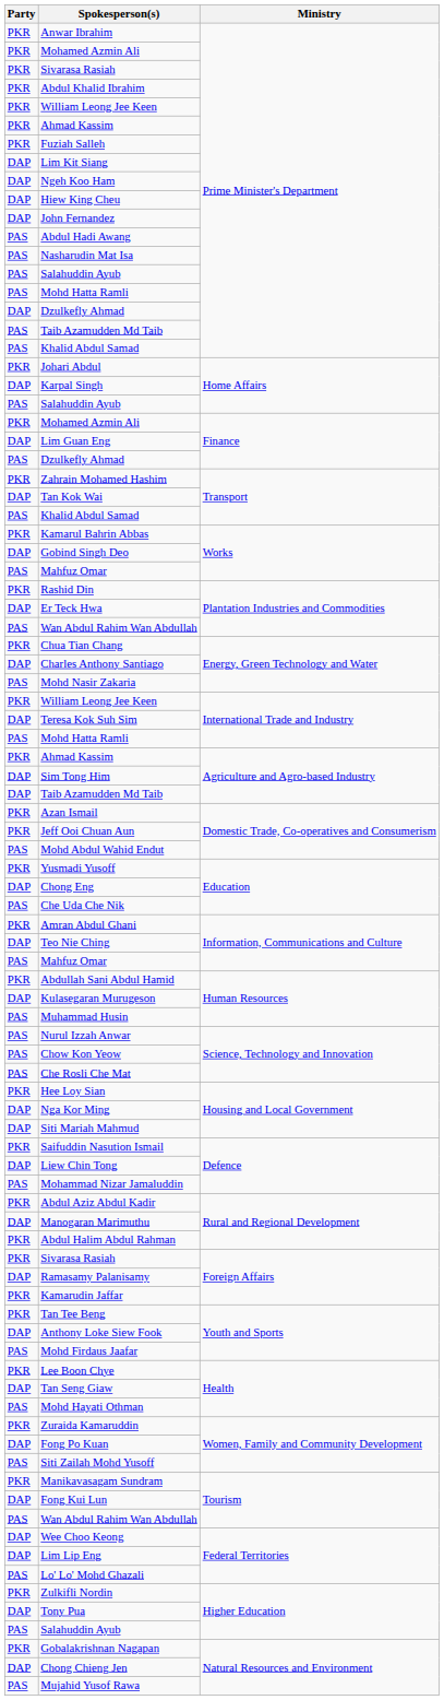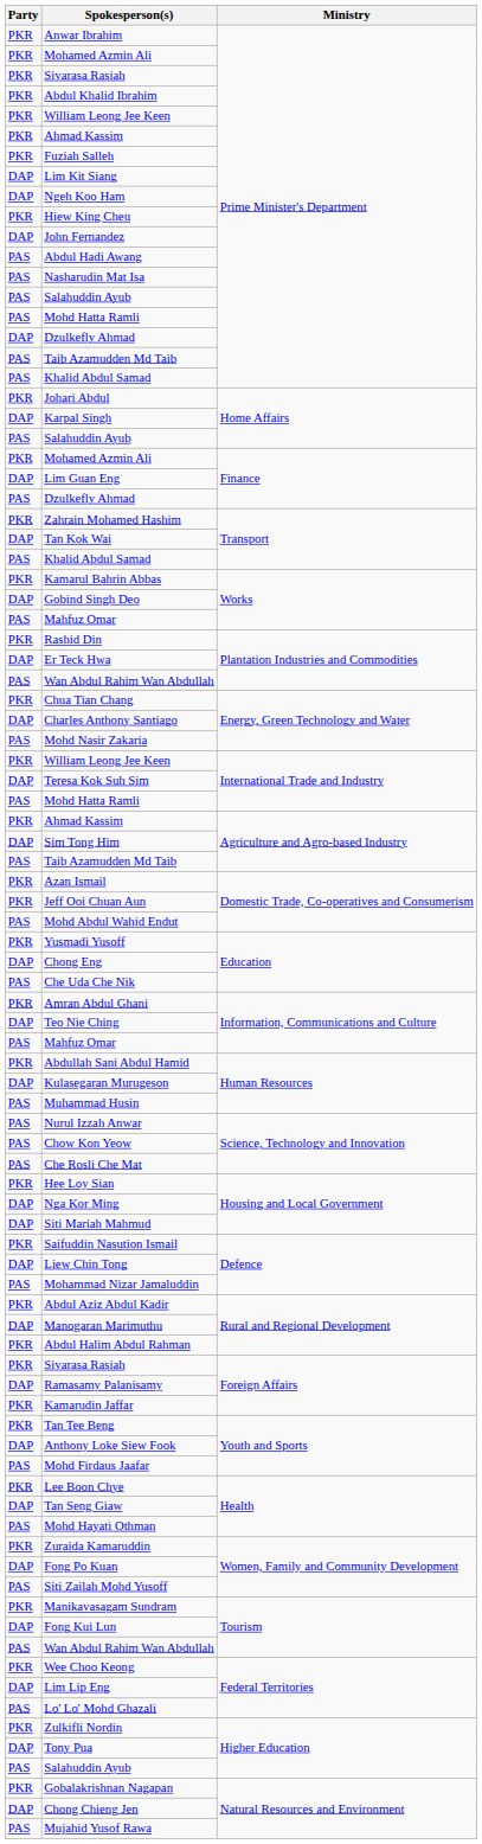 <table class="wikitable sortable">
 <tr>
 <th>Party</th>
 <th>Spokesperson(s)</th>
 <th>Ministry</th>
 </tr>
 <tr>
 <td><a href='#'>PKR</a></td>
 <td><a href='#'>Anwar Ibrahim</a></td>
 <td rowspan=18><a href='#'>Prime Minister's Department</a></td>
 </tr>
 <tr>
 <td><a href='#'>PKR</a></td>
 <td><a href='#'>Mohamed Azmin Ali</a></td>
 </tr>
 <tr>
 <td><a href='#'>PKR</a></td>
 <td><a href='#'>Sivarasa Rasiah</a></td>
 </tr>
 <tr>
 <td><a href='#'>PKR</a></td>
 <td><a href='#'>Abdul Khalid Ibrahim</a></td>
 </tr>
 <tr>
 <td><a href='#'>PKR</a></td>
 <td><a href='#'>William Leong Jee Keen</a></td>
 </tr>
 <tr>
 <td><a href='#'>PKR</a></td>
 <td><a href='#'>Ahmad Kassim</a></td>
 </tr>
 <tr>
 <td><a href='#'>PKR</a></td>
 <td><a href='#'>Fuziah Salleh</a></td>
 </tr>
 <tr>
 <td><a href='#'>DAP</a></td>
 <td><a href='#'>Lim Kit Siang</a></td>
 </tr>
 <tr>
 <td><a href='#'>DAP</a></td>
 <td><a href='#'>Ngeh Koo Ham</a></td>
 </tr>
 <tr>
-<td><a href='#'>DAP</a></td>
+<td><a href='#'>PKR</a></td>
 <td><a href='#'>Hiew King Cheu</a></td>
 </tr>
 <tr>
 <td><a href='#'>DAP</a></td>
 <td><a href='#'>John Fernandez</a></td>
 </tr>
 <tr>
 <td><a href='#'>PAS</a></td>
 <td><a href='#'>Abdul Hadi Awang</a></td>
 </tr>
 <tr>
 <td><a href='#'>PAS</a></td>
 <td><a href='#'>Nasharudin Mat Isa</a></td>
 </tr>
 <tr>
 <td><a href='#'>PAS</a></td>
 <td><a href='#'>Salahuddin Ayub</a></td>
 </tr>
 <tr>
 <td><a href='#'>PAS</a></td>
 <td><a href='#'>Mohd Hatta Ramli</a></td>
 </tr>
 <tr>
 <td><a href='#'>DAP</a></td>
 <td><a href='#'>Dzulkefly Ahmad</a></td>
 </tr>
 <tr>
 <td><a href='#'>PAS</a></td>
 <td><a href='#'>Taib Azamudden Md Taib</a></td>
 </tr>
 <tr>
 <td><a href='#'>PAS</a></td>
 <td><a href='#'>Khalid Abdul Samad</a></td>
 </tr>
 <tr>
 <td><a href='#'>PKR</a></td>
 <td><a href='#'>Johari Abdul</a></td>
 <td rowspan=3><a href='#'>Home Affairs</a></td>
 </tr>
 <tr>
 <td><a href='#'>DAP</a></td>
 <td><a href='#'>Karpal Singh</a></td>
 </tr>
 <tr>
 <td><a href='#'>PAS</a></td>
 <td><a href='#'>Salahuddin Ayub</a></td>
 </tr>
 <tr>
 <td><a href='#'>PKR</a></td>
 <td><a href='#'>Mohamed Azmin Ali</a></td>
 <td rowspan=3><a href='#'>Finance</a></td>
 </tr>
 <tr>
 <td><a href='#'>DAP</a></td>
 <td><a href='#'>Lim Guan Eng</a></td>
 </tr>
 <tr>
 <td><a href='#'>PAS</a></td>
 <td><a href='#'>Dzulkefly Ahmad</a></td>
 </tr>
 <tr>
 <td><a href='#'>PKR</a></td>
 <td><a href='#'>Zahrain Mohamed Hashim</a></td>
 <td rowspan=3><a href='#'>Transport</a></td>
 </tr>
 <tr>
 <td><a href='#'>DAP</a></td>
 <td><a href='#'>Tan Kok Wai</a></td>
 </tr>
 <tr>
 <td><a href='#'>PAS</a></td>
 <td><a href='#'>Khalid Abdul Samad</a></td>
 </tr>
 <tr>
 <td><a href='#'>PKR</a></td>
 <td><a href='#'>Kamarul Bahrin Abbas</a></td>
 <td rowspan=3><a href='#'>Works</a></td>
 </tr>
 <tr>
 <td><a href='#'>DAP</a></td>
 <td><a href='#'>Gobind Singh Deo</a></td>
 </tr>
 <tr>
 <td><a href='#'>PAS</a></td>
 <td><a href='#'>Mahfuz Omar</a></td>
 </tr>
 <tr>
 <td><a href='#'>PKR</a></td>
 <td><a href='#'>Rashid Din</a></td>
 <td rowspan=3><a href='#'>Plantation Industries and Commodities</a></td>
 </tr>
 <tr>
 <td><a href='#'>DAP</a></td>
 <td><a href='#'>Er Teck Hwa</a></td>
 </tr>
 <tr>
 <td><a href='#'>PAS</a></td>
 <td><a href='#'>Wan Abdul Rahim Wan Abdullah</a></td>
 </tr>
 <tr>
 <td><a href='#'>PKR</a></td>
 <td><a href='#'>Chua Tian Chang</a></td>
 <td rowspan=3><a href='#'>Energy, Green Technology and Water</a></td>
 </tr>
 <tr>
 <td><a href='#'>DAP</a></td>
 <td><a href='#'>Charles Anthony Santiago</a></td>
 </tr>
 <tr>
 <td><a href='#'>PAS</a></td>
 <td><a href='#'>Mohd Nasir Zakaria</a></td>
 </tr>
 <tr>
 <td><a href='#'>PKR</a></td>
 <td><a href='#'>William Leong Jee Keen</a></td>
 <td rowspan=3><a href='#'>International Trade and Industry</a></td>
 </tr>
 <tr>
 <td><a href='#'>DAP</a></td>
 <td><a href='#'>Teresa Kok Suh Sim</a></td>
 </tr>
 <tr>
 <td><a href='#'>PAS</a></td>
 <td><a href='#'>Mohd Hatta Ramli</a></td>
 </tr>
 <tr>
 <td><a href='#'>PKR</a></td>
 <td><a href='#'>Ahmad Kassim</a></td>
 <td rowspan=3><a href='#'>Agriculture and Agro-based Industry</a></td>
 </tr>
 <tr>
 <td><a href='#'>DAP</a></td>
 <td><a href='#'>Sim Tong Him</a></td>
 </tr>
 <tr>
-<td><a href='#'>DAP</a></td>
+<td><a href='#'>PAS</a></td>
 <td><a href='#'>Taib Azamudden Md Taib</a></td>
 </tr>
 <tr>
 <td><a href='#'>PKR</a></td>
 <td><a href='#'>Azan Ismail</a></td>
 <td rowspan=3><a href='#'>Domestic Trade, Co-operatives and Consumerism</a></td>
 </tr>
 <tr>
 <td><a href='#'>PKR</a></td>
 <td><a href='#'>Jeff Ooi Chuan Aun</a></td>
 </tr>
 <tr>
 <td><a href='#'>PAS</a></td>
 <td><a href='#'>Mohd Abdul Wahid Endut</a></td>
 </tr>
 <tr>
 <td><a href='#'>PKR</a></td>
 <td><a href='#'>Yusmadi Yusoff</a></td>
 <td rowspan=3><a href='#'>Education</a></td>
 </tr>
 <tr>
 <td><a href='#'>DAP</a></td>
 <td><a href='#'>Chong Eng</a></td>
 </tr>
 <tr>
 <td><a href='#'>PAS</a></td>
 <td><a href='#'>Che Uda Che Nik</a></td>
 </tr>
 <tr>
 <td><a href='#'>PKR</a></td>
 <td><a href='#'>Amran Abdul Ghani</a></td>
 <td rowspan=3><a href='#'>Information, Communications and Culture</a></td>
 </tr>
 <tr>
 <td><a href='#'>DAP</a></td>
 <td><a href='#'>Teo Nie Ching</a></td>
 </tr>
 <tr>
 <td><a href='#'>PAS</a></td>
 <td><a href='#'>Mahfuz Omar</a></td>
 </tr>
 <tr>
 <td><a href='#'>PKR</a></td>
 <td><a href='#'>Abdullah Sani Abdul Hamid</a></td>
 <td rowspan=3><a href='#'>Human Resources</a></td>
 </tr>
 <tr>
 <td><a href='#'>DAP</a></td>
 <td><a href='#'>Kulasegaran Murugeson</a></td>
 </tr>
 <tr>
 <td><a href='#'>PAS</a></td>
 <td><a href='#'>Muhammad Husin</a></td>
 </tr>
 <tr>
 <td><a href='#'>PAS</a></td>
 <td><a href='#'>Nurul Izzah Anwar</a></td>
 <td rowspan=3><a href='#'>Science, Technology and Innovation</a></td>
 </tr>
 <tr>
 <td><a href='#'>PAS</a></td>
 <td><a href='#'>Chow Kon Yeow</a></td>
 </tr>
 <tr>
 <td><a href='#'>PAS</a></td>
 <td><a href='#'>Che Rosli Che Mat</a></td>
 </tr>
 <tr>
 <td><a href='#'>PKR</a></td>
 <td><a href='#'>Hee Loy Sian</a></td>
 <td rowspan=3><a href='#'>Housing and Local Government</a></td>
 </tr>
 <tr>
 <td><a href='#'>DAP</a></td>
 <td><a href='#'>Nga Kor Ming</a></td>
 </tr>
 <tr>
 <td><a href='#'>DAP</a></td>
 <td><a href='#'>Siti Mariah Mahmud</a></td>
 </tr>
 <tr>
 <td><a href='#'>PKR</a></td>
 <td><a href='#'>Saifuddin Nasution Ismail</a></td>
 <td rowspan=3><a href='#'>Defence</a></td>
 </tr>
 <tr>
 <td><a href='#'>DAP</a></td>
 <td><a href='#'>Liew Chin Tong</a></td>
 </tr>
 <tr>
 <td><a href='#'>PAS</a></td>
 <td><a href='#'>Mohammad Nizar Jamaluddin</a></td>
 </tr>
 <tr>
 <td><a href='#'>PKR</a></td>
 <td><a href='#'>Abdul Aziz Abdul Kadir</a></td>
 <td rowspan=3><a href='#'>Rural and Regional Development</a></td>
 </tr>
 <tr>
 <td><a href='#'>DAP</a></td>
 <td><a href='#'>Manogaran Marimuthu</a></td>
 </tr>
 <tr>
 <td><a href='#'>PKR</a></td>
 <td><a href='#'>Abdul Halim Abdul Rahman</a></td>
 </tr>
 <tr>
 <td><a href='#'>PKR</a></td>
 <td><a href='#'>Sivarasa Rasiah</a></td>
 <td rowspan=3><a href='#'>Foreign Affairs</a></td>
 </tr>
 <tr>
 <td><a href='#'>DAP</a></td>
 <td><a href='#'>Ramasamy Palanisamy</a></td>
 </tr>
 <tr>
 <td><a href='#'>PKR</a></td>
 <td><a href='#'>Kamarudin Jaffar</a></td>
 </tr>
 <tr>
 <td><a href='#'>PKR</a></td>
 <td><a href='#'>Tan Tee Beng</a></td>
 <td rowspan=3><a href='#'>Youth and Sports</a></td>
 </tr>
 <tr>
 <td><a href='#'>DAP</a></td>
 <td><a href='#'>Anthony Loke Siew Fook</a></td>
 </tr>
 <tr>
 <td><a href='#'>PAS</a></td>
 <td><a href='#'>Mohd Firdaus Jaafar</a></td>
 </tr>
 <tr>
 <td><a href='#'>PKR</a></td>
 <td><a href='#'>Lee Boon Chye</a></td>
 <td rowspan=3><a href='#'>Health</a></td>
 </tr>
 <tr>
 <td><a href='#'>DAP</a></td>
 <td><a href='#'>Tan Seng Giaw</a></td>
 </tr>
 <tr>
 <td><a href='#'>PAS</a></td>
 <td><a href='#'>Mohd Hayati Othman</a></td>
 </tr>
 <tr>
 <td><a href='#'>PKR</a></td>
 <td><a href='#'>Zuraida Kamaruddin</a></td>
 <td rowspan=3><a href='#'>Women, Family and Community Development</a></td>
 </tr>
 <tr>
 <td><a href='#'>DAP</a></td>
 <td><a href='#'>Fong Po Kuan</a></td>
 </tr>
 <tr>
 <td><a href='#'>PAS</a></td>
 <td><a href='#'>Siti Zailah Mohd Yusoff</a></td>
 </tr>
 <tr>
 <td><a href='#'>PKR</a></td>
 <td><a href='#'>Manikavasagam Sundram</a></td>
 <td rowspan=3><a href='#'>Tourism</a></td>
 </tr>
 <tr>
 <td><a href='#'>DAP</a></td>
 <td><a href='#'>Fong Kui Lun</a></td>
 </tr>
 <tr>
 <td><a href='#'>PAS</a></td>
 <td><a href='#'>Wan Abdul Rahim Wan Abdullah</a></td>
 </tr>
 <tr>
-<td><a href='#'>DAP</a></td>
+<td><a href='#'>PKR</a></td>
 <td><a href='#'>Wee Choo Keong</a></td>
 <td rowspan=3><a href='#'>Federal Territories</a></td>
 </tr>
 <tr>
 <td><a href='#'>DAP</a></td>
 <td><a href='#'>Lim Lip Eng</a></td>
 </tr>
 <tr>
 <td><a href='#'>PAS</a></td>
 <td><a href='#'>Lo' Lo' Mohd Ghazali</a></td>
 </tr>
 <tr>
 <td><a href='#'>PKR</a></td>
 <td><a href='#'>Zulkifli Nordin</a></td>
 <td rowspan=3><a href='#'>Higher Education</a></td>
 </tr>
 <tr>
 <td><a href='#'>DAP</a></td>
 <td><a href='#'>Tony Pua</a></td>
 </tr>
 <tr>
 <td><a href='#'>PAS</a></td>
 <td><a href='#'>Salahuddin Ayub</a></td>
 </tr>
 <tr>
 <td><a href='#'>PKR</a></td>
 <td><a href='#'>Gobalakrishnan Nagapan</a></td>
 <td rowspan=3><a href='#'>Natural Resources and Environment</a></td>
 </tr>
 <tr>
 <td><a href='#'>DAP</a></td>
 <td><a href='#'>Chong Chieng Jen</a></td>
 </tr>
 <tr>
 <td><a href='#'>PAS</a></td>
 <td><a href='#'>Mujahid Yusof Rawa</a></td>
 </tr>
 </table>
